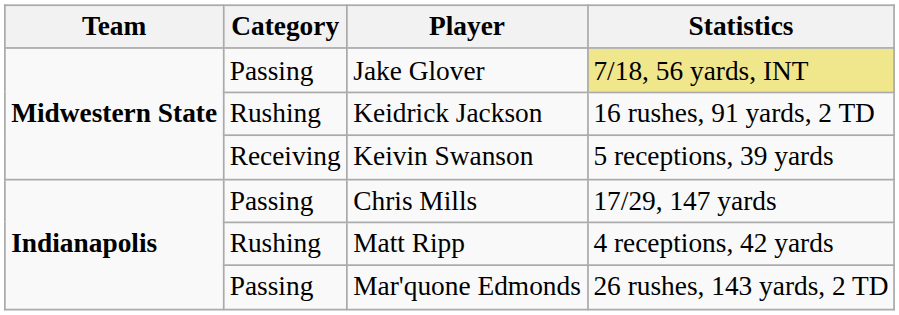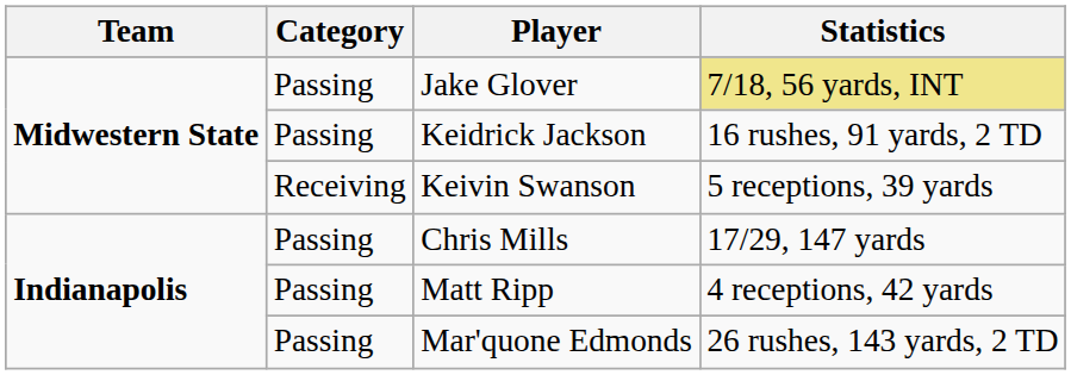 <table class="wikitable" style="float: left;">
 <tr>
 <th>Team</th>
 <th>Category</th>
 <th>Player</th>
 <th>Statistics</th>
 </tr>
 <tr>
 <td rowspan=3><strong>Midwestern State</strong></td>
 <td>Passing</td>
 <td>Jake Glover</td>
 <td style="background: khaki;">7/18, 56 yards, INT</td>
 </tr>
 <tr>
-<td>Rushing</td>
+<td>Passing</td>
 <td>Keidrick Jackson</td>
 <td>16 rushes, 91 yards, 2 TD</td>
 </tr>
 <tr>
 <td>Receiving</td>
 <td>Keivin Swanson</td>
 <td>5 receptions, 39 yards</td>
 </tr>
 <tr>
 <td rowspan=3><strong>Indianapolis</strong></td>
 <td>Passing</td>
 <td>Chris Mills</td>
 <td>17/29, 147 yards</td>
 </tr>
 <tr>
-<td>Rushing</td>
+<td>Passing</td>
 <td>Matt Ripp</td>
 <td>4 receptions, 42 yards</td>
 </tr>
 <tr>
 <td>Passing</td>
 <td>Mar'quone Edmonds</td>
 <td>26 rushes, 143 yards, 2 TD</td>
 </tr>
 </table>
